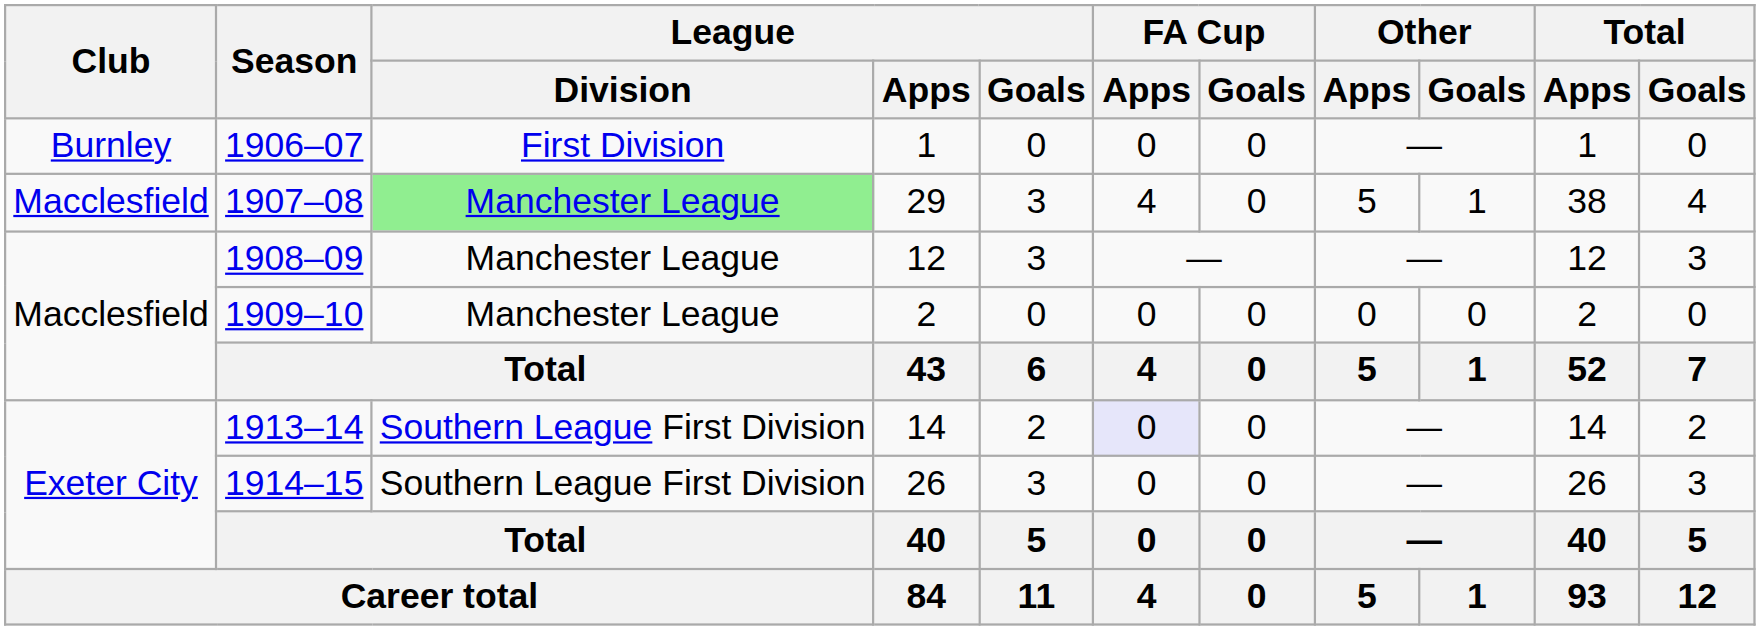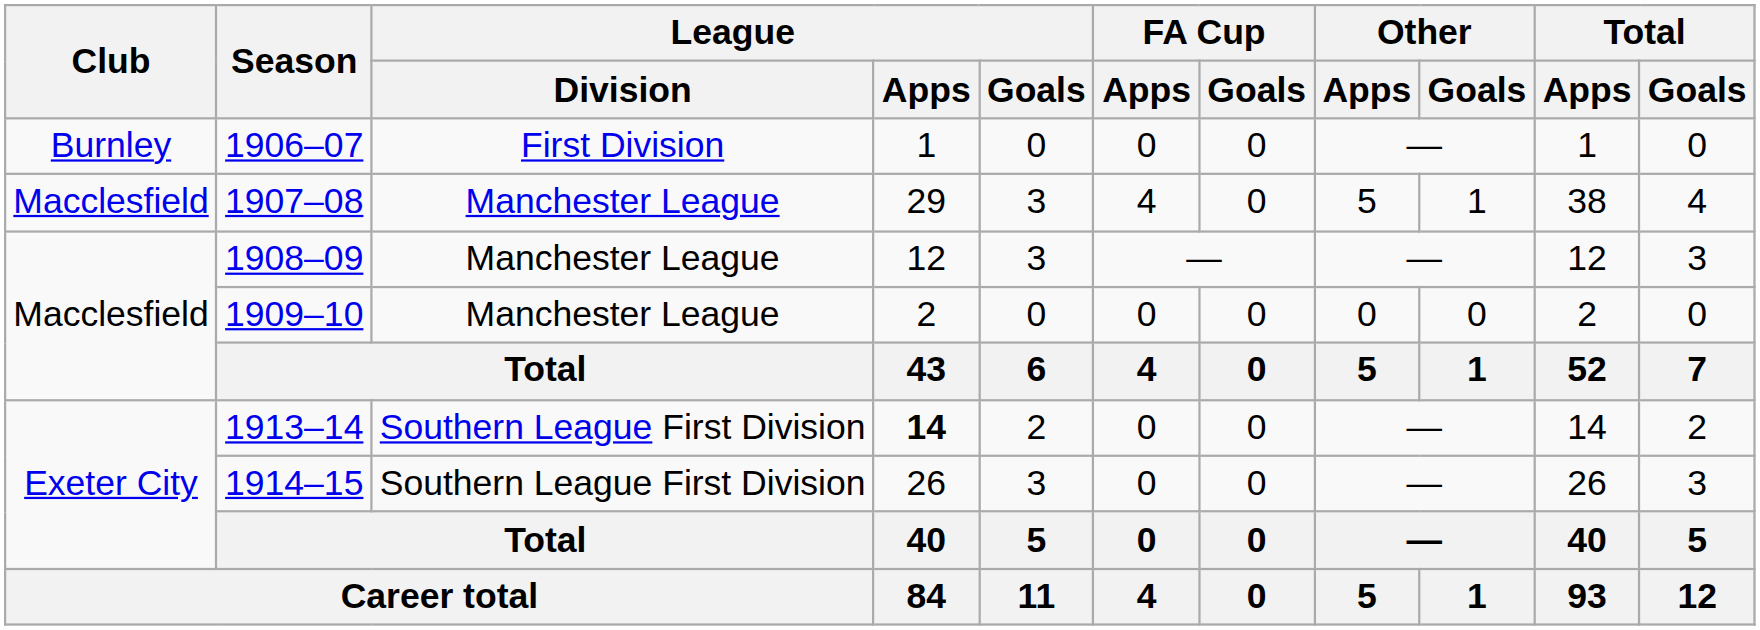 <table class="wikitable" style="text-align: center;">
 <tr>
 <th rowspan="2">Club</th>
 <th rowspan="2">Season</th>
 <th colspan="3">League</th>
 <th colspan="2">FA Cup</th>
 <th colspan="2">Other</th>
 <th colspan="2">Total</th>
 </tr>
 <tr>
 <th>Division</th>
 <th>Apps</th>
 <th>Goals</th>
 <th>Apps</th>
 <th>Goals</th>
 <th>Apps</th>
 <th>Goals</th>
 <th>Apps</th>
 <th>Goals</th>
 </tr>
 <tr>
 <td><a href='#'>Burnley</a></td>
 <td><a href='#'>1906–07</a></td>
 <td><a href='#'>First Division</a></td>
 <td>1</td>
 <td>0</td>
 <td>0</td>
 <td>0</td>
 <td colspan="2">—</td>
 <td>1</td>
 <td>0</td>
 </tr>
 <tr>
 <td><a href='#'>Macclesfield</a></td>
 <td><a href='#'>1907–08</a></td>
-<td style="background: lightgreen;"><a href='#'>Manchester League</a></td>
+<td><a href='#'>Manchester League</a></td>
 <td>29</td>
 <td>3</td>
 <td>4</td>
 <td>0</td>
 <td>5</td>
 <td>1</td>
 <td>38</td>
 <td>4</td>
 </tr>
 <tr>
 <td rowspan="3">Macclesfield</td>
 <td><a href='#'>1908–09</a></td>
 <td>Manchester League</td>
 <td>12</td>
 <td>3</td>
 <td colspan="2">—</td>
 <td colspan="2">—</td>
 <td>12</td>
 <td>3</td>
 </tr>
 <tr>
 <td><a href='#'>1909–10</a></td>
 <td>Manchester League</td>
 <td>2</td>
 <td>0</td>
 <td>0</td>
 <td>0</td>
 <td>0</td>
 <td>0</td>
 <td>2</td>
 <td>0</td>
 </tr>
 <tr>
 <th colspan="2">Total</th>
 <th>43</th>
 <th>6</th>
 <th>4</th>
 <th>0</th>
 <th>5</th>
 <th>1</th>
 <th>52</th>
 <th>7</th>
 </tr>
 <tr>
 <td rowspan="3"><a href='#'>Exeter City</a></td>
 <td><a href='#'>1913–14</a></td>
 <td><a href='#'>Southern League</a> First Division</td>
-<td>14</td>
+<td><strong>14</strong></td>
 <td>2</td>
-<td style="background: lavender;">0</td>
+<td>0</td>
 <td>0</td>
 <td colspan="2">—</td>
 <td>14</td>
 <td>2</td>
 </tr>
 <tr>
 <td><a href='#'>1914–15</a></td>
 <td>Southern League First Division</td>
 <td>26</td>
 <td>3</td>
 <td>0</td>
 <td>0</td>
 <td colspan="2">—</td>
 <td>26</td>
 <td>3</td>
 </tr>
 <tr>
 <th colspan="2">Total</th>
 <th>40</th>
 <th>5</th>
 <th>0</th>
 <th>0</th>
 <th colspan="2">—</th>
 <th>40</th>
 <th>5</th>
 </tr>
 <tr>
 <th colspan="3">Career total</th>
 <th>84</th>
 <th>11</th>
 <th>4</th>
 <th>0</th>
 <th>5</th>
 <th>1</th>
 <th>93</th>
 <th>12</th>
 </tr>
 </table>
